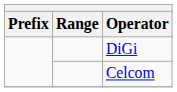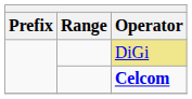 <table class="wikitable">
 <tr>
 <th colspan="3"></th>
 </tr>
 <tr>
 <th>Prefix</th>
 <th>Range</th>
 <th>Operator</th>
 </tr>
 <tr>
 <td rowspan="2"></td>
 <td></td>
-<td><a href='#'>DiGi</a></td>
+<td style="background: khaki;"><a href='#'>DiGi</a></td>
 </tr>
 <tr>
 <td></td>
-<td><a href='#'>Celcom</a></td>
+<td><strong><a href='#'>Celcom</a></strong></td>
 </tr>
 <tr>
 </tr>
 </table>
